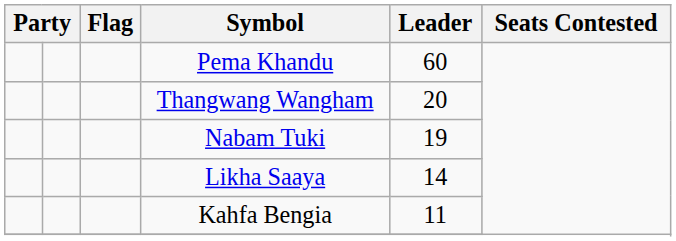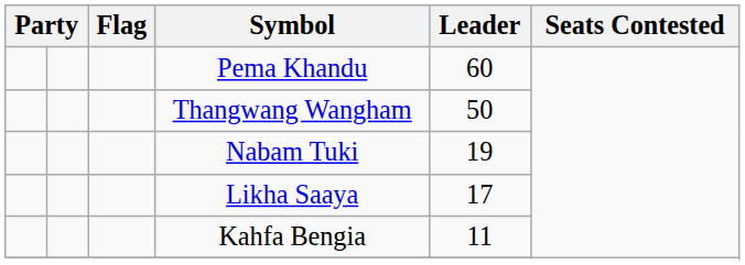 <table class="wikitable sortable " width="50%" style="text-align:center;">
 <tr>
 <th colspan="2">Party</th>
 <th>Flag</th>
 <th>Symbol</th>
 <th>Leader</th>
 <th>Seats Contested</th>
 </tr>
 <tr>
 <td></td>
 <td></td>
 <td></td>
 <td><a href='#'>Pema Khandu</a></td>
 <td>60</td>
 </tr>
 <tr>
 <td></td>
 <td></td>
 <td></td>
 <td><a href='#'>Thangwang Wangham</a></td>
-<td>20</td>
+<td>50</td>
 </tr>
 <tr>
 <td></td>
 <td></td>
 <td></td>
 <td><a href='#'>Nabam Tuki</a></td>
 <td>19</td>
 </tr>
 <tr>
 <td></td>
 <td></td>
 <td></td>
 <td><a href='#'>Likha Saaya</a></td>
-<td>14</td>
+<td>17</td>
 </tr>
 <tr>
 <td></td>
 <td></td>
 <td></td>
 <td>Kahfa Bengia</td>
 <td>11</td>
 </tr>
 <tr>
 </tr>
 </table>
